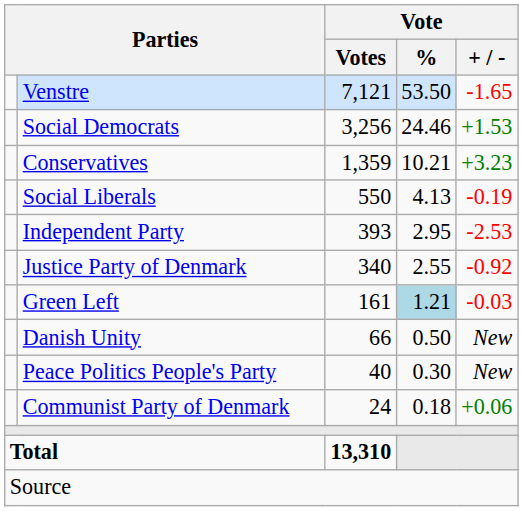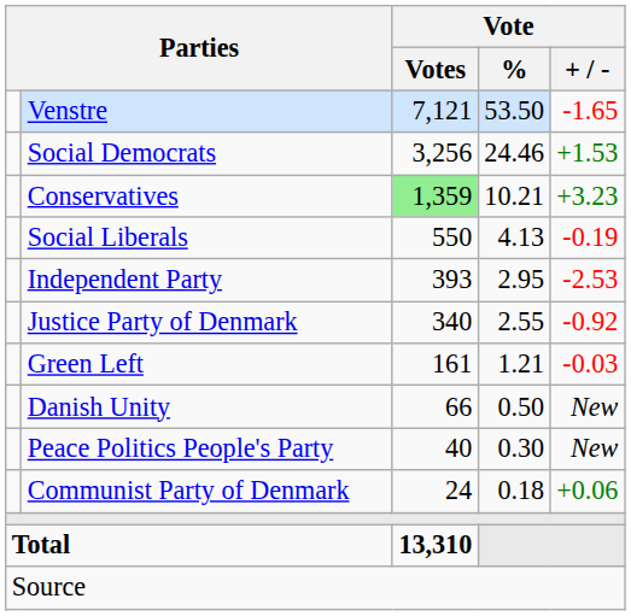 <table class="wikitable" style="text-align:right;">
 <tr>
 <th style="text-align:centre;" rowspan="2" colspan="2" width="225">Parties</th>
 <th colspan="3">Vote</th>
 </tr>
 <tr>
 <th width="15">Votes</th>
 <th width="15">%</th>
 <th width="15">+ / -</th>
 </tr>
 <tr>
 <td width="2" style="color:inherit;background:"></td>
 <td bgcolor=#cfe5fe  align="left"><a href='#'>Venstre</a></td>
 <td bgcolor=#cfe5fe>7,121</td>
 <td bgcolor=#cfe5fe>53.50</td>
 <td style=color:red;>-1.65</td>
 </tr>
 <tr>
 <td width="2" style="color:inherit;background:"></td>
 <td align="left"><a href='#'>Social Democrats</a></td>
 <td>3,256</td>
 <td>24.46</td>
 <td style=color:green;>+1.53</td>
 </tr>
 <tr>
 <td width="2" style="color:inherit;background:"></td>
 <td align="left"><a href='#'>Conservatives</a></td>
-<td>1,359</td>
+<td style="background: lightgreen;">1,359</td>
 <td>10.21</td>
 <td style=color:green;>+3.23</td>
 </tr>
 <tr>
 <td width="2" style="color:inherit;background:"></td>
 <td align="left"><a href='#'>Social Liberals</a></td>
 <td>550</td>
 <td>4.13</td>
 <td style=color:red;>-0.19</td>
 </tr>
 <tr>
 <td width="2" style="color:inherit;background:"></td>
 <td align="left"><a href='#'>Independent Party</a></td>
 <td>393</td>
 <td>2.95</td>
 <td style=color:red;>-2.53</td>
 </tr>
 <tr>
 <td width="2" style="color:inherit;background:"></td>
 <td align="left"><a href='#'>Justice Party of Denmark</a></td>
 <td>340</td>
 <td>2.55</td>
 <td style=color:red;>-0.92</td>
 </tr>
 <tr>
 <td width="2" style="color:inherit;background:"></td>
 <td align="left"><a href='#'>Green Left</a></td>
 <td>161</td>
-<td style="background: lightblue;">1.21</td>
+<td>1.21</td>
 <td style=color:red;>-0.03</td>
 </tr>
 <tr>
 <td width="2" style="color:inherit;background:"></td>
 <td align="left"><a href='#'>Danish Unity</a></td>
 <td>66</td>
 <td>0.50</td>
 <td><em>New</em></td>
 </tr>
 <tr>
 <td width="2" style="color:inherit;background:"></td>
 <td align="left"><a href='#'>Peace Politics People's Party</a></td>
 <td>40</td>
 <td>0.30</td>
 <td><em>New</em></td>
 </tr>
 <tr>
 <td width="2" style="color:inherit;background:"></td>
 <td align="left"><a href='#'>Communist Party of Denmark</a></td>
 <td>24</td>
 <td>0.18</td>
 <td style=color:green;>+0.06</td>
 </tr>
 <tr>
 <td colspan="7" bgcolor="#E9E9E9"></td>
 </tr>
 <tr>
 <td align="left" colspan="2"><strong>Total</strong></td>
 <td><strong>13,310</strong></td>
 <td bgcolor="#E9E9E9" colspan="2"></td>
 </tr>
 <tr>
 <td align="left" colspan="6">Source</td>
 </tr>
 </table>
